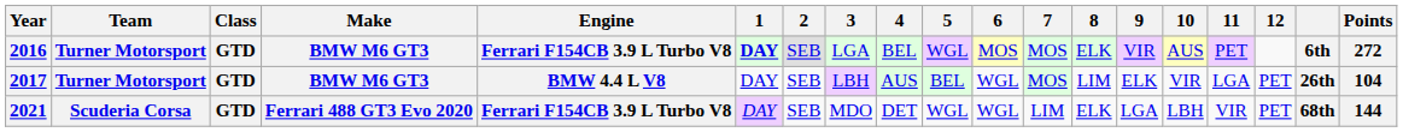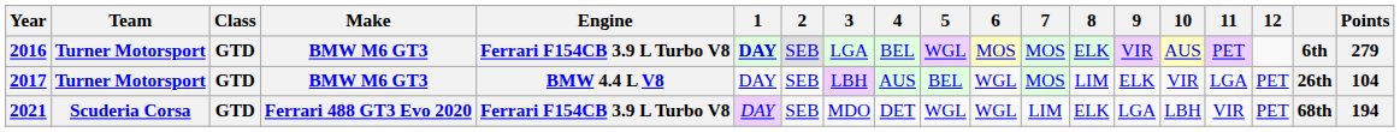 <table class="wikitable" style="text-align:center; font-size:90%">
 <tr>
 <th>Year</th>
 <th>Team</th>
 <th>Class</th>
 <th>Make</th>
 <th>Engine</th>
 <th>1</th>
 <th>2</th>
 <th>3</th>
 <th>4</th>
 <th>5</th>
 <th>6</th>
 <th>7</th>
 <th>8</th>
 <th>9</th>
 <th>10</th>
 <th>11</th>
 <th>12</th>
 <th></th>
 <th>Points</th>
 </tr>
 <tr>
 <th><a href='#'>2016</a></th>
 <th><a href='#'>Turner Motorsport</a></th>
 <th>GTD</th>
 <th><a href='#'>BMW M6 GT3</a></th>
 <th><a href='#'>Ferrari F154CB</a> 3.9 L Turbo V8</th>
 <td style="background:#DFFFDF;"><strong><a href='#'>DAY</a><br></strong></td>
 <td style="background:#DFDFDF;”"><a href='#'>SEB</a><br></td>
 <td style="background:#DFFFDF;"><a href='#'>LGA</a><br></td>
 <td style="background:#DFFFDF;"><a href='#'>BEL</a><br></td>
 <td style="background:#EFCFFF;"><a href='#'>WGL</a><br></td>
 <td style="background:#FFFFBF;”"><a href='#'>MOS</a><br></td>
 <td style="background:#DFFFDF;"><a href='#'>MOS</a><br></td>
 <td style="background:#DFFFDF;"><a href='#'>ELK</a><br></td>
 <td style="background:#EFCFFF;"><a href='#'>VIR</a><br></td>
 <td style="background:#FFFFBF;”"><a href='#'>AUS</a><br></td>
 <td style="background:#EFCFFF;"><a href='#'>PET</a><br></td>
 <td></td>
 <th>6th</th>
-<th>272</th>
+<th>279</th>
 </tr>
 <tr>
 <th><a href='#'>2017</a></th>
 <th><a href='#'>Turner Motorsport</a></th>
 <th>GTD</th>
 <th><a href='#'>BMW M6 GT3</a></th>
 <th><a href='#'>BMW</a> 4.4 L <a href='#'>V8</a></th>
 <td><a href='#'>DAY</a></td>
 <td><a href='#'>SEB</a></td>
 <td style="background:#EFCFFF;"><a href='#'>LBH</a><br></td>
 <td style="background:#DFFFDF;"><a href='#'>AUS</a><br></td>
 <td style="background:#DFFFDF;"><a href='#'>BEL</a><br></td>
 <td><a href='#'>WGL</a></td>
 <td style="background:#DFFFDF;"><a href='#'>MOS</a><br></td>
 <td><a href='#'>LIM</a></td>
 <td><a href='#'>ELK</a></td>
 <td><a href='#'>VIR</a></td>
 <td><a href='#'>LGA</a></td>
 <td><a href='#'>PET</a></td>
 <th>26th</th>
 <th>104</th>
 </tr>
 <tr>
 <th><a href='#'>2021</a></th>
 <th><a href='#'>Scuderia Corsa</a></th>
 <th>GTD</th>
 <th><a href='#'>Ferrari 488 GT3 Evo 2020</a></th>
 <th><a href='#'>Ferrari F154CB</a> 3.9 L Turbo V8</th>
 <td style="background:#EFCFFF;"><em><a href='#'>DAY</a></em><br></td>
 <td><a href='#'>SEB</a></td>
 <td><a href='#'>MDO</a></td>
 <td><a href='#'>DET</a></td>
 <td><a href='#'>WGL</a></td>
 <td><a href='#'>WGL</a></td>
 <td><a href='#'>LIM</a></td>
 <td><a href='#'>ELK</a></td>
 <td><a href='#'>LGA</a></td>
 <td><a href='#'>LBH</a></td>
 <td><a href='#'>VIR</a></td>
 <td><a href='#'>PET</a></td>
 <th>68th</th>
-<th>144</th>
+<th>194</th>
 </tr>
 </table>
